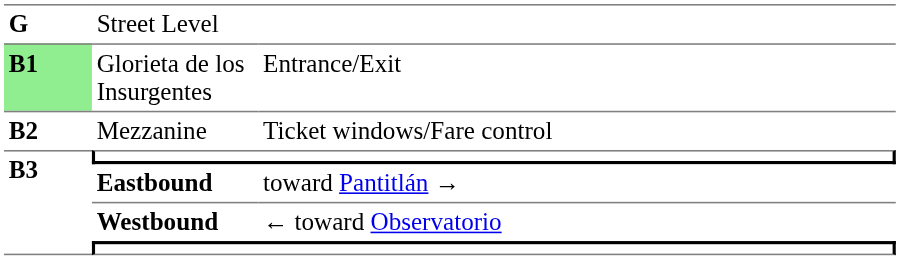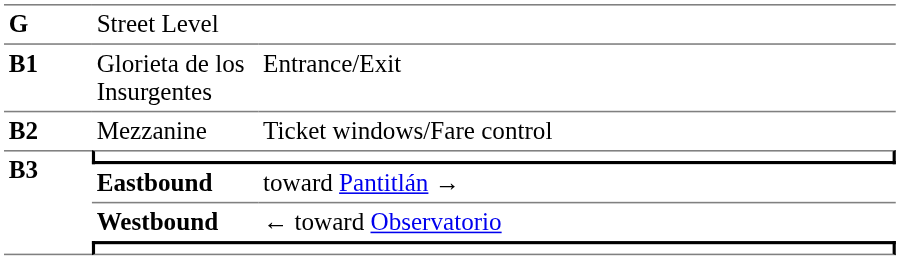 <table border=0 cellspacing=0 cellpadding=3>
 <tr>
 <td style="border-top:solid 1px gray;" width=50 valign=top><strong>G</strong></td>
 <td colspan=2 style="border-top:solid 1px gray;" width=100 valign=top>Street Level</td>
 </tr>
 <tr>
-<td style="background: lightgreen; border-top:solid 1px gray;" width=50 valign=top><strong>B1</strong></td>
+<td style="border-top:solid 1px gray;" width=50 valign=top><strong>B1</strong></td>
 <td style="border-top:solid 1px gray;" width=100 valign=top>Glorieta de los Insurgentes</td>
 <td style="border-top:solid 1px gray;" width=400 valign=top>Entrance/Exit</td>
 </tr>
 <tr>
 <td style="border-top:solid 1px gray;" width=50 valign=top><strong>B2</strong></td>
 <td style="border-top:solid 1px gray;" width=100 valign=top>Mezzanine</td>
 <td style="border-top:solid 1px gray;" width=400 valign=top>Ticket windows/Fare control</td>
 </tr>
 <tr>
 <td style="border-top:solid 1px gray;border-bottom:solid 1px gray;" width=50 rowspan=4 valign=top><strong>B3</strong></td>
 <td style="border-top:solid 1px gray;border-right:solid 2px black;border-left:solid 2px black;border-bottom:solid 2px black;text-align:center;" colspan=2></td>
 </tr>
 <tr>
 <td style="border-bottom:solid 1px gray;" width=100><strong>Eastbound</strong></td>
 <td style="border-bottom:solid 1px gray;" width=390>   toward <a href='#'>Pantitlán</a>  →</td>
 </tr>
 <tr>
 <td><strong>Westbound</strong></td>
 <td>←   toward <a href='#'>Observatorio</a> </td>
 </tr>
 <tr>
 <td style="border-top:solid 2px black;border-right:solid 2px black;border-left:solid 2px black;border-bottom:solid 1px gray;text-align:center;" colspan=2></td>
 </tr>
 </table>
